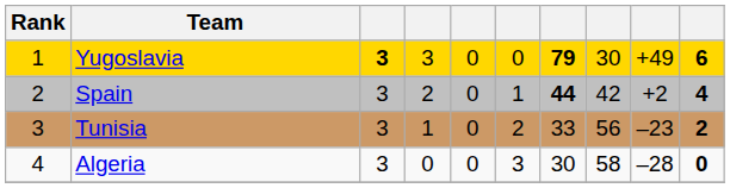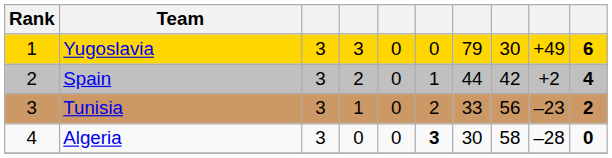 <table class="wikitable" style="text-align:center">
 <tr>
 <th width=20>Rank</th>
 <th width=200>Team</th>
 <th width="25"></th>
 <th width="25"></th>
 <th width="25"></th>
 <th width="25"></th>
 <th width="25"></th>
 <th width="25"></th>
 <th width="25"></th>
 <th width="25"></th>
 </tr>
 <tr style="background:gold;">
 <td>1</td>
 <td style="text-align:left;"> <a href='#'>Yugoslavia</a> </td>
-<td><strong>3</strong></td>
+<td>3</td>
 <td>3</td>
 <td>0</td>
 <td>0</td>
-<td><strong>79</strong></td>
+<td>79</td>
 <td>30</td>
 <td>+49</td>
 <td><strong>6</strong></td>
 </tr>
 <tr style="background:silver;">
 <td>2</td>
 <td style="text-align:left;"> <a href='#'>Spain</a> </td>
 <td>3</td>
 <td>2</td>
 <td>0</td>
 <td>1</td>
-<td><strong>44</strong></td>
+<td>44</td>
 <td>42</td>
 <td>+2</td>
 <td><strong>4</strong></td>
 </tr>
 <tr style="background:#cc9966;">
 <td>3</td>
 <td style="text-align:left;"> <a href='#'>Tunisia</a> </td>
 <td>3</td>
 <td>1</td>
 <td>0</td>
 <td>2</td>
 <td>33</td>
 <td>56</td>
 <td>–23</td>
 <td><strong>2</strong></td>
 </tr>
 <tr>
 <td>4</td>
 <td style="text-align:left;"> <a href='#'>Algeria</a> </td>
 <td>3</td>
 <td>0</td>
 <td>0</td>
-<td>3</td>
+<td><strong>3</strong></td>
 <td>30</td>
 <td>58</td>
 <td>–28</td>
 <td><strong>0</strong></td>
 </tr>
 <tr>
 </tr>
 </table>
